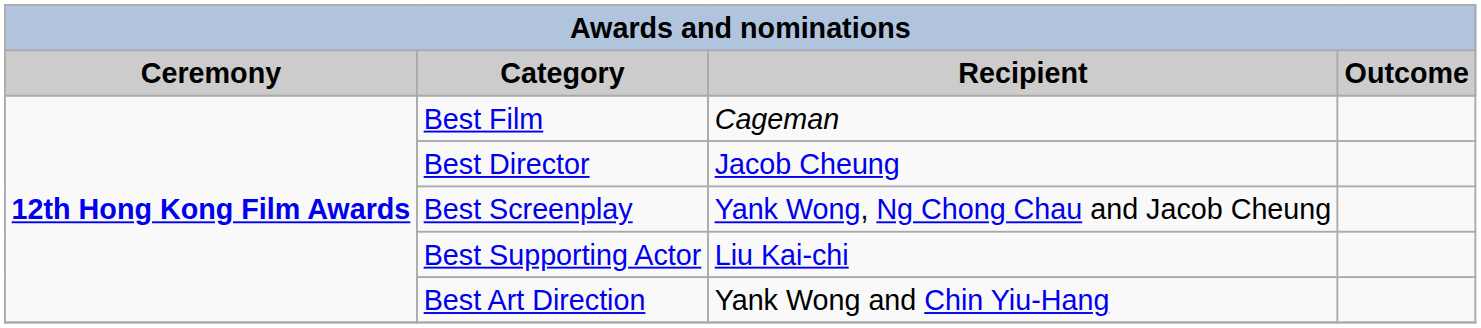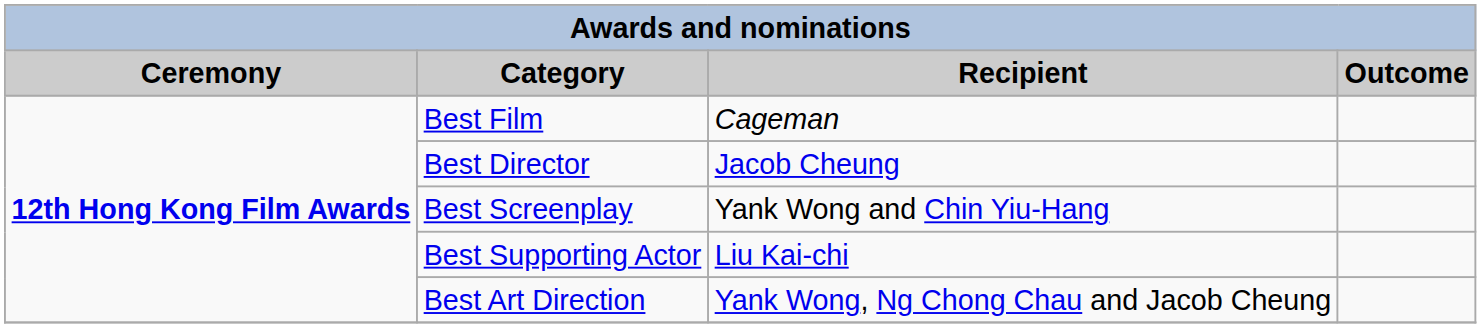 <table class="wikitable" style="font-size:95%;" ;>
 <tr style="background:#ccc; text-align:center;">
 <th colspan="4" style="background: LightSteelBlue;">Awards and nominations</th>
 </tr>
 <tr style="background:#ccc; text-align:center;">
 <th style="background:#ccc">Ceremony</th>
 <th style="background:#ccc">Category</th>
 <th style="background:#ccc">Recipient</th>
 <th style="background:#ccc">Outcome</th>
 </tr>
 <tr>
 <td rowspan=5><strong><a href='#'>12th Hong Kong Film Awards</a></strong></td>
 <td><a href='#'>Best Film</a></td>
 <td><em>Cageman</em></td>
 <td></td>
 </tr>
 <tr>
 <td><a href='#'>Best Director</a></td>
 <td><a href='#'>Jacob Cheung</a></td>
 <td></td>
 </tr>
 <tr>
 <td><a href='#'>Best Screenplay</a></td>
-<td><a href='#'>Yank Wong</a>, <a href='#'>Ng Chong Chau</a> and Jacob Cheung</td>
+<td>Yank Wong and <a href='#'>Chin Yiu-Hang</a></td>
 <td></td>
 </tr>
 <tr>
 <td><a href='#'>Best Supporting Actor</a></td>
 <td><a href='#'>Liu Kai-chi</a></td>
 <td></td>
 </tr>
 <tr>
 <td><a href='#'>Best Art Direction</a></td>
-<td>Yank Wong and <a href='#'>Chin Yiu-Hang</a></td>
+<td><a href='#'>Yank Wong</a>, <a href='#'>Ng Chong Chau</a> and Jacob Cheung</td>
 <td></td>
 </tr>
 <tr>
 </tr>
 </table>
